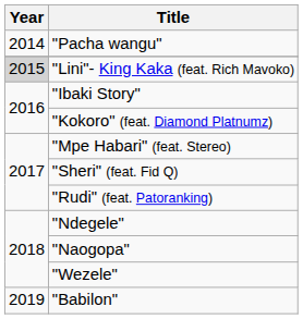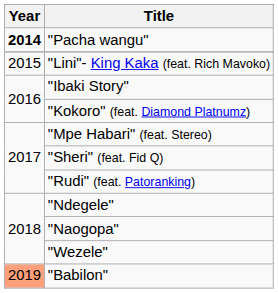 <table class="wikitable sortable">
 <tr>
 <th>Year</th>
 <th>Title</th>
 </tr>
 <tr>
-<td rowspan="1">2014</td>
+<td rowspan="1"><strong>2014</strong></td>
 <td>"Pacha wangu"</td>
 </tr>
 <tr>
 </tr>
 <tr>
-<td rowspan="1" style="background: lightgrey;">2015</td>
+<td rowspan="1">2015</td>
 <td>"Lini"- <a href='#'>King Kaka</a> <small>(feat. Rich Mavoko)</small></td>
 </tr>
 <tr>
 <td rowspan="2">2016</td>
 <td>"Ibaki Story"</td>
 </tr>
 <tr>
 <td>"Kokoro" <small>(feat. <a href='#'>Diamond Platnumz</a>)</small></td>
 </tr>
 <tr>
 <td rowspan="3">2017</td>
 <td>"Mpe Habari" <small>(feat. Stereo)</small></td>
 </tr>
 <tr>
 <td>"Sheri" <small>(feat. Fid Q)</small></td>
 </tr>
 <tr>
 <td>"Rudi" <small>(feat. <a href='#'>Patoranking</a>)</small></td>
 </tr>
 <tr>
 <td rowspan="3">2018</td>
 <td>"Ndegele"</td>
 </tr>
 <tr>
 <td>"Naogopa"</td>
 </tr>
 <tr>
 <td>"Wezele"</td>
 </tr>
 <tr>
-<td rowspan="1">2019</td>
+<td rowspan="1" style="background: lightsalmon;">2019</td>
 <td>"Babilon"</td>
 </tr>
 </table>
